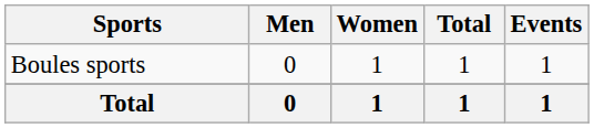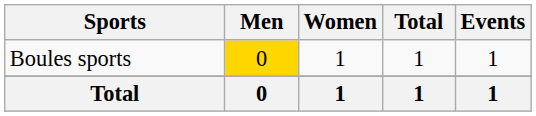 <table class="wikitable sortable" style="text-align:center;">
 <tr>
 <th width=150>Sports</th>
 <th width=45>Men</th>
 <th width=45>Women</th>
 <th width=45>Total</th>
 <th width=45>Events</th>
 </tr>
 <tr>
 <td align=left>Boules sports</td>
-<td>0</td>
+<td style="background: gold;">0</td>
 <td>1</td>
 <td>1</td>
 <td>1</td>
 </tr>
 <tr>
 </tr>
 <tr class="sortbottom">
 <th>Total</th>
 <th>0</th>
 <th>1</th>
 <th>1</th>
 <th>1</th>
 </tr>
 </table>
